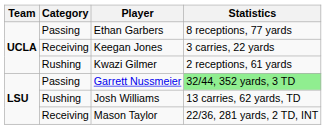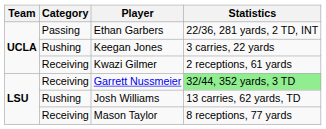 <table class="wikitable" style="float: right;">
 <tr>
 <th>Team</th>
 <th>Category</th>
 <th>Player</th>
 <th>Statistics</th>
 </tr>
 <tr>
 <td rowspan=3><strong>UCLA</strong></td>
 <td>Passing</td>
 <td>Ethan Garbers</td>
-<td>8 receptions, 77 yards</td>
+<td>22/36, 281 yards, 2 TD, INT</td>
 </tr>
 <tr>
-<td>Receiving</td>
+<td>Rushing</td>
 <td>Keegan Jones</td>
 <td>3 carries, 22 yards</td>
 </tr>
 <tr>
-<td>Rushing</td>
+<td>Receiving</td>
 <td>Kwazi Gilmer</td>
 <td>2 receptions, 61 yards</td>
 </tr>
 <tr>
 <td rowspan=3><strong>LSU</strong></td>
-<td>Passing</td>
+<td>Receiving</td>
 <td><a href='#'>Garrett Nussmeier</a></td>
 <td style="background: lightgreen;">32/44, 352 yards, 3 TD</td>
 </tr>
 <tr>
 <td>Rushing</td>
 <td>Josh Williams</td>
 <td>13 carries, 62 yards, TD</td>
 </tr>
 <tr>
 <td>Receiving</td>
 <td>Mason Taylor</td>
-<td>22/36, 281 yards, 2 TD, INT</td>
+<td>8 receptions, 77 yards</td>
 </tr>
 </table>
